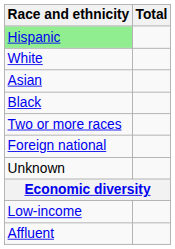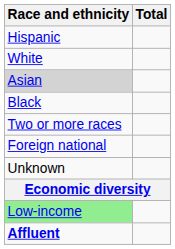 <table class="wikitable floatright sortable collapsible"; text-align:right; font-size:80%;">
 <tr>
 <th>Race and ethnicity</th>
 <th colspan="2" data-sort-type=number>Total</th>
 </tr>
 <tr>
-<td style="background: lightgreen;"><a href='#'>Hispanic</a></td>
+<td><a href='#'>Hispanic</a></td>
 <td align=right></td>
 </tr>
 <tr>
 <td><a href='#'>White</a></td>
 <td align=right></td>
 </tr>
 <tr>
-<td><a href='#'>Asian</a></td>
+<td style="background: lightgrey;"><a href='#'>Asian</a></td>
 <td align=right></td>
 </tr>
 <tr>
 <td><a href='#'>Black</a></td>
 <td align=right></td>
 </tr>
 <tr>
 <td><a href='#'>Two or more races</a></td>
 <td align=right></td>
 </tr>
 <tr>
 <td><a href='#'>Foreign national</a></td>
 <td align=right></td>
 </tr>
 <tr>
 <td>Unknown</td>
 <td align=right></td>
 </tr>
 <tr>
 <th colspan="4" data-sort-type=number><a href='#'>Economic diversity</a></th>
 </tr>
 <tr>
-<td><a href='#'>Low-income</a></td>
+<td style="background: lightgreen;"><a href='#'>Low-income</a></td>
 <td align=right></td>
 </tr>
 <tr>
-<td><a href='#'>Affluent</a></td>
+<td><strong><a href='#'>Affluent</a></strong></td>
 <td align=right></td>
 </tr>
 </table>
